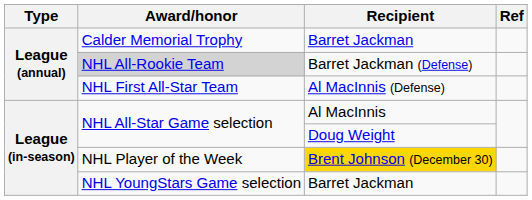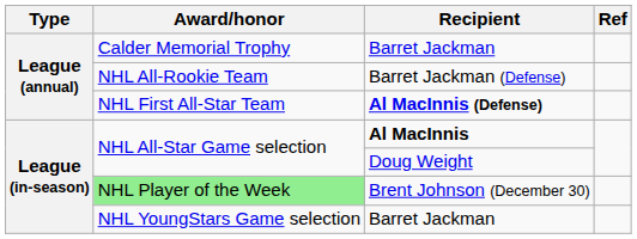 <table class="wikitable">
 <tr>
 <th scope="col">Type</th>
 <th scope="col">Award/honor</th>
 <th scope="col">Recipient</th>
 <th scope="col">Ref</th>
 </tr>
 <tr>
 <th scope="row" rowspan="3">League<br><small>(annual)</small></th>
 <td><a href='#'>Calder Memorial Trophy</a></td>
 <td><a href='#'>Barret Jackman</a></td>
 <td></td>
 </tr>
 <tr>
-<td style="background: lightgrey;"><a href='#'>NHL All-Rookie Team</a></td>
+<td><a href='#'>NHL All-Rookie Team</a></td>
 <td>Barret Jackman <small>(<a href='#'>Defense</a>)</small></td>
 <td></td>
 </tr>
 <tr>
 <td><a href='#'>NHL First All-Star Team</a></td>
-<td><a href='#'>Al MacInnis</a> <small>(Defense)</small></td>
+<td><strong><a href='#'>Al MacInnis</a> <small>(Defense)</small></strong></td>
 <td></td>
 </tr>
 <tr>
 <th scope="row" rowspan="4">League<br><small>(in-season)</small></th>
 <td rowspan="2"><a href='#'>NHL All-Star Game</a> selection</td>
-<td>Al MacInnis</td>
+<td><strong>Al MacInnis</strong></td>
 <td rowspan="2"></td>
 </tr>
 <tr>
 <td><a href='#'>Doug Weight</a></td>
 </tr>
 <tr>
-<td>NHL Player of the Week</td>
-<td style="background: gold;"><a href='#'>Brent Johnson</a> <small>(December 30)</small></td>
+<td style="background: lightgreen;">NHL Player of the Week</td>
+<td><a href='#'>Brent Johnson</a> <small>(December 30)</small></td>
 <td></td>
 </tr>
 <tr>
 <td><a href='#'>NHL YoungStars Game</a> selection</td>
 <td>Barret Jackman</td>
 <td></td>
 </tr>
 </table>
